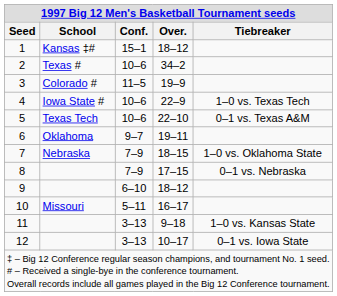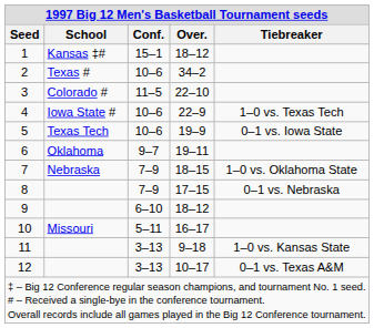 <table class="wikitable" style="white-space:nowrap; font-size:90%;text-align:center">
 <tr>
 <td colspan="10" style="text-align:center; background:#DDDDDD; font:#000000"><strong><a href='#'>1997 Big 12 Men's Basketball Tournament seeds</a></strong></td>
 </tr>
 <tr bgcolor="#efefef">
 <th>Seed</th>
 <th>School</th>
 <th>Conf.</th>
 <th>Over.</th>
 <th>Tiebreaker</th>
 </tr>
 <tr>
 <td>1</td>
 <td align=left><a href='#'>Kansas</a> ‡#</td>
 <td>15–1</td>
 <td>18–12</td>
 <td></td>
 </tr>
 <tr>
 <td>2</td>
 <td align=left><a href='#'>Texas</a> #</td>
 <td>10–6</td>
 <td>34–2</td>
 <td></td>
 </tr>
 <tr>
 <td>3</td>
 <td align=left><a href='#'>Colorado</a> #</td>
 <td>11–5</td>
-<td>19–9</td>
+<td>22–10</td>
 <td></td>
 </tr>
 <tr>
 <td>4</td>
 <td align=left><a href='#'>Iowa State</a> #</td>
 <td>10–6</td>
 <td>22–9</td>
 <td>1–0 vs. Texas Tech</td>
 </tr>
 <tr>
 <td>5</td>
 <td align=left><a href='#'>Texas Tech</a></td>
 <td>10–6</td>
-<td>22–10</td>
-<td>0–1 vs. Texas A&M</td>
+<td>19–9</td>
+<td>0–1 vs. Iowa State</td>
 </tr>
 <tr>
 <td>6</td>
 <td align=left><a href='#'>Oklahoma</a></td>
 <td>9–7</td>
 <td>19–11</td>
 <td></td>
 </tr>
 <tr>
 <td>7</td>
 <td align=left><a href='#'>Nebraska</a></td>
 <td>7–9</td>
 <td>18–15</td>
 <td>1–0 vs. Oklahoma State</td>
 </tr>
 <tr>
 <td>8</td>
 <td align=left></td>
 <td>7–9</td>
 <td>17–15</td>
 <td>0–1 vs. Nebraska</td>
 </tr>
 <tr>
 <td>9</td>
 <td align=left></td>
 <td>6–10</td>
 <td>18–12</td>
 <td></td>
 </tr>
 <tr>
 <td>10</td>
 <td align=left><a href='#'>Missouri</a></td>
 <td>5–11</td>
 <td>16–17</td>
 <td></td>
 </tr>
 <tr>
 <td>11</td>
 <td align=left></td>
 <td>3–13</td>
 <td>9–18</td>
 <td>1–0 vs. Kansas State</td>
 </tr>
 <tr>
 <td>12</td>
 <td align=left></td>
 <td>3–13</td>
 <td>10–17</td>
-<td>0–1 vs. Iowa State</td>
+<td>0–1 vs. Texas A&M</td>
 </tr>
 <tr>
 <td colspan="10" style="text-align:left;"><small>‡ – Big 12 Conference regular season champions, and tournament No. 1 seed.<br># – Received a single-bye in the conference tournament.<br>Overall records include all games played in the Big 12 Conference tournament.</small></td>
 </tr>
 </table>
